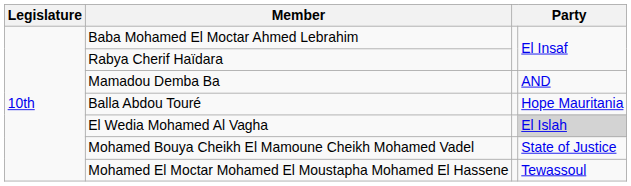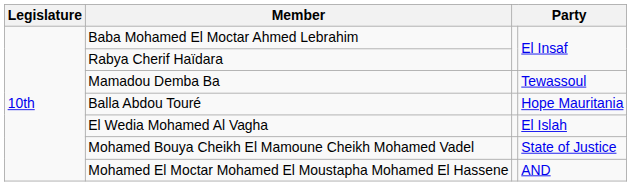 <table class="wikitable">
 <tr>
 <th>Legislature</th>
 <th>Member</th>
 <th colspan=2>Party</th>
 </tr>
 <tr>
 <td rowspan=7><a href='#'>10th</a></td>
 <td>Baba Mohamed El Moctar Ahmed Lebrahim</td>
 <td rowspan=2 style="color:inherit;background:"></td>
 <td rowspan=2><a href='#'>El Insaf</a></td>
 </tr>
 <tr>
 <td>Rabya Cherif Haïdara</td>
 </tr>
 <tr>
 <td>Mamadou Demba Ba</td>
 <td style="color:inherit;background:"></td>
-<td><a href='#'>AND</a></td>
+<td><a href='#'>Tewassoul</a></td>
 </tr>
 <tr>
 <td>Balla Abdou Touré</td>
 <td style="color:inherit;background:"></td>
 <td><a href='#'>Hope Mauritania</a></td>
 </tr>
 <tr>
 <td>El Wedia Mohamed Al Vagha</td>
 <td style="color:inherit;background:"></td>
-<td style="background: lightgrey;"><a href='#'>El Islah</a></td>
+<td><a href='#'>El Islah</a></td>
 </tr>
 <tr>
 <td>Mohamed Bouya Cheikh El Mamoune Cheikh Mohamed Vadel</td>
 <td style="color:inherit;background:"></td>
 <td><a href='#'>State of Justice</a></td>
 </tr>
 <tr>
 <td>Mohamed El Moctar Mohamed El Moustapha Mohamed El Hassene</td>
 <td style="color:inherit;background:"></td>
-<td><a href='#'>Tewassoul</a></td>
+<td><a href='#'>AND</a></td>
 </tr>
 </table>
